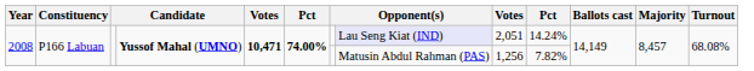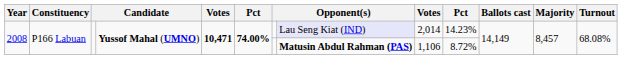 <table class="wikitable" style="margin:0.5em ; font-size:95%">
 <tr>
 <th>Year</th>
 <th>Constituency</th>
 <th colspan=2>Candidate</th>
 <th>Votes</th>
 <th>Pct</th>
 <th colspan=2>Opponent(s)</th>
 <th>Votes</th>
 <th>Pct</th>
 <th>Ballots cast</th>
 <th>Majority</th>
 <th>Turnout</th>
 </tr>
 <tr>
 <td rowspan=2><a href='#'>2008</a></td>
 <td rowspan=2>P166 <a href='#'>Labuan</a></td>
 <td rowspan=2 ></td>
 <td rowspan=2><strong>Yussof Mahal</strong> (<a href='#'><strong>UMNO</strong></a>)</td>
 <td rowspan=2 align="right"><strong>10,471</strong></td>
 <td rowspan=2><strong>74.00%</strong></td>
 <td></td>
 <td style="background: lavender;">Lau Seng Kiat (<a href='#'>IND</a>)</td>
-<td align="right">2,051</td>
-<td>14.24%</td>
+<td align="right">2,014</td>
+<td>14.23%</td>
 <td rowspan=2>14,149</td>
 <td rowspan=2>8,457</td>
 <td rowspan=2>68.08%</td>
 </tr>
 <tr>
 <td></td>
-<td>Matusin Abdul Rahman (<a href='#'>PAS</a>)</td>
-<td align="right">1,256</td>
-<td align="right">7.82%</td>
+<td><strong>Matusin Abdul Rahman (<a href='#'>PAS</a>)</strong></td>
+<td align="right">1,106</td>
+<td align="right">8.72%</td>
 </tr>
 </table>
